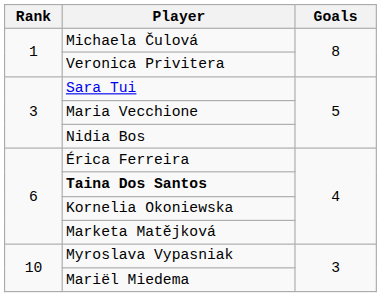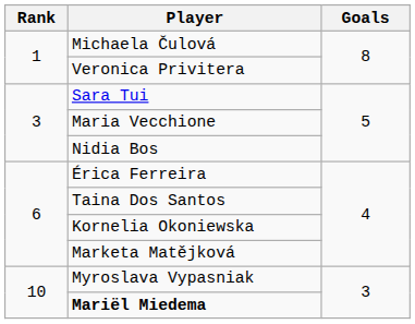 <table class="wikitable" style="text-align:center">
 <tr>
 <th width=45>Rank</th>
 <th width=200>Player</th>
 <th width=65>Goals</th>
 </tr>
 <tr>
 <td rowspan=2>1</td>
 <td style="text-align:left"> Michaela Čulová</td>
 <td rowspan=2>8</td>
 </tr>
 <tr>
 <td style="text-align:left"> Veronica Privitera</td>
 </tr>
 <tr>
 <td rowspan=3>3</td>
 <td style="text-align:left"> <a href='#'>Sara Tui</a></td>
 <td rowspan=3>5</td>
 </tr>
 <tr>
 <td style="text-align:left"> Maria Vecchione</td>
 </tr>
 <tr>
 <td style="text-align:left"> Nidia Bos</td>
 </tr>
 <tr>
 <td rowspan=4>6</td>
 <td style="text-align:left"> Érica Ferreira</td>
 <td rowspan=4>4</td>
 </tr>
 <tr>
-<td style="text-align:left"><strong> Taina Dos Santos</strong></td>
+<td style="text-align:left"> Taina Dos Santos</td>
 </tr>
 <tr>
 <td style="text-align:left"> Kornelia Okoniewska</td>
 </tr>
 <tr>
 <td style="text-align:left"> Marketa Matějková</td>
 </tr>
 <tr>
 <td rowspan=2>10</td>
 <td style="text-align:left"> Myroslava Vypasniak</td>
 <td rowspan=2>3</td>
 </tr>
 <tr>
-<td style="text-align:left"> Mariël Miedema</td>
+<td style="text-align:left"><strong> Mariël Miedema</strong></td>
 </tr>
 </table>
